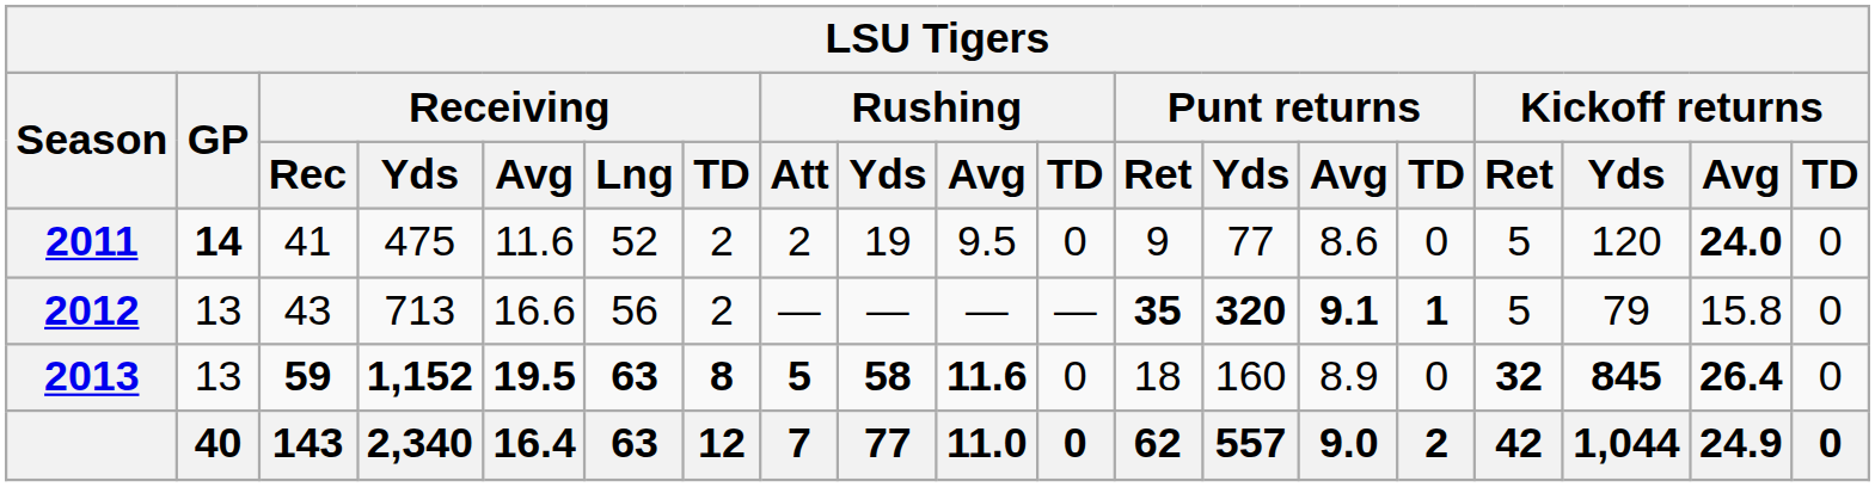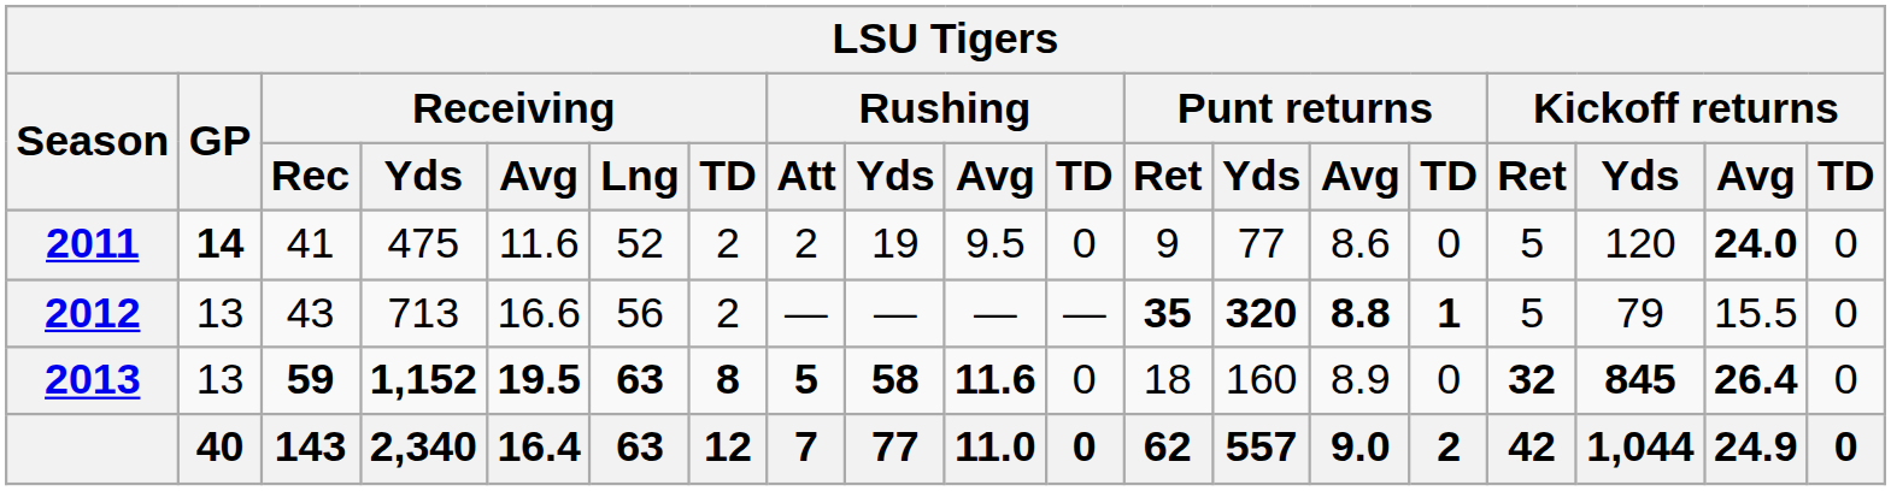 <table class="wikitable" style="text-align:center;">
 <tr>
 <th colspan="19">LSU Tigers</th>
 </tr>
 <tr>
 <th rowspan="2">Season</th>
 <th rowspan="2">GP</th>
 <th colspan="5">Receiving</th>
 <th colspan="4">Rushing</th>
 <th colspan="4">Punt returns</th>
 <th colspan="4">Kickoff returns</th>
 </tr>
 <tr>
 <th>Rec</th>
 <th>Yds</th>
 <th>Avg</th>
 <th>Lng</th>
 <th>TD</th>
 <th>Att</th>
 <th>Yds</th>
 <th>Avg</th>
 <th>TD</th>
 <th>Ret</th>
 <th>Yds</th>
 <th>Avg</th>
 <th>TD</th>
 <th>Ret</th>
 <th>Yds</th>
 <th>Avg</th>
 <th>TD</th>
 </tr>
 <tr>
 <th><a href='#'>2011</a></th>
 <td><strong>14</strong></td>
 <td>41</td>
 <td>475</td>
 <td>11.6</td>
 <td>52</td>
 <td>2</td>
 <td>2</td>
 <td>19</td>
 <td>9.5</td>
 <td>0</td>
 <td>9</td>
 <td>77</td>
 <td>8.6</td>
 <td>0</td>
 <td>5</td>
 <td>120</td>
 <td><strong>24.0</strong></td>
 <td>0</td>
 </tr>
 <tr>
 <th><a href='#'>2012</a></th>
 <td>13</td>
 <td>43</td>
 <td>713</td>
 <td>16.6</td>
 <td>56</td>
 <td>2</td>
 <td>—</td>
 <td>—</td>
 <td>—</td>
 <td>—</td>
 <td><strong>35</strong></td>
 <td><strong>320</strong></td>
-<td><strong>9.1</strong></td>
+<td><strong>8.8</strong></td>
 <td><strong>1</strong></td>
 <td>5</td>
 <td>79</td>
-<td>15.8</td>
+<td>15.5</td>
 <td>0</td>
 </tr>
 <tr>
 <th><a href='#'>2013</a></th>
 <td>13</td>
 <td><strong>59</strong></td>
 <td><strong>1,152</strong></td>
 <td><strong>19.5</strong></td>
 <td><strong>63</strong></td>
 <td><strong>8</strong></td>
 <td><strong>5</strong></td>
 <td><strong>58</strong></td>
 <td><strong>11.6</strong></td>
 <td>0</td>
 <td>18</td>
 <td>160</td>
 <td>8.9</td>
 <td>0</td>
 <td><strong>32</strong></td>
 <td><strong>845</strong></td>
 <td><strong>26.4</strong></td>
 <td>0</td>
 </tr>
 <tr>
 <th></th>
 <th>40</th>
 <th>143</th>
 <th>2,340</th>
 <th>16.4</th>
 <th>63</th>
 <th>12</th>
 <th>7</th>
 <th>77</th>
 <th>11.0</th>
 <th>0</th>
 <th>62</th>
 <th>557</th>
 <th>9.0</th>
 <th>2</th>
 <th>42</th>
 <th>1,044</th>
 <th>24.9</th>
 <th>0</th>
 </tr>
 </table>
